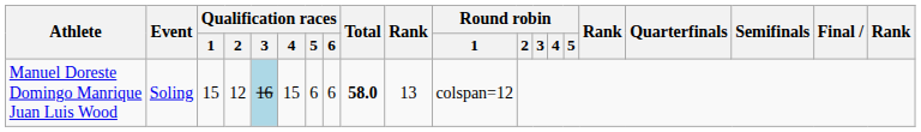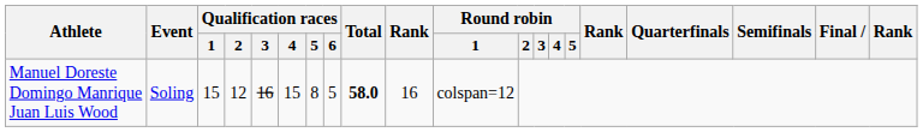 <table class="wikitable" style="font-size:90%">
 <tr>
 <th rowspan="2">Athlete</th>
 <th rowspan="2">Event</th>
 <th colspan="6">Qualification races</th>
 <th rowspan="2">Total</th>
 <th rowspan="2">Rank</th>
 <th colspan="5">Round robin</th>
 <th rowspan="2">Rank</th>
 <th rowspan="2">Quarterfinals</th>
 <th rowspan="2">Semifinals</th>
 <th rowspan="2">Final / </th>
 <th rowspan="2">Rank</th>
 </tr>
 <tr style="vertical-align:bottom; font-size:95%">
 <th>1</th>
 <th>2</th>
 <th>3</th>
 <th>4</th>
 <th>5</th>
 <th>6</th>
 <th>1</th>
 <th>2</th>
 <th>3</th>
 <th>4</th>
 <th>5</th>
 </tr>
 <tr align=center>
 <td align=left><a href='#'>Manuel Doreste</a><br><a href='#'>Domingo Manrique</a><br><a href='#'>Juan Luis Wood</a></td>
 <td align=left><a href='#'>Soling</a></td>
 <td>15</td>
 <td>12</td>
-<td style="background: lightblue;"><s>16</s></td>
+<td><s>16</s></td>
 <td>15</td>
-<td>6</td>
-<td>6</td>
+<td>8</td>
+<td>5</td>
 <td><strong>58.0</strong></td>
-<td>13</td>
+<td>16</td>
 <td>colspan=12 </td>
 </tr>
 </table>
